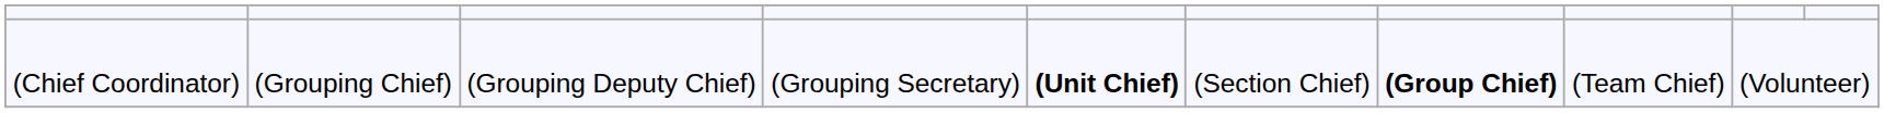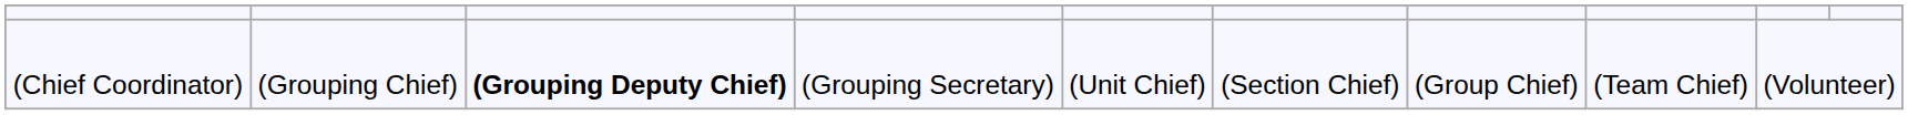 <table class="wikitable" style="text-align: center; background-color:#f7f8ff;">
 <tr align="center">
 <td></td>
 <td></td>
 <td></td>
 <td></td>
 <td></td>
 <td></td>
 <td></td>
 <td></td>
 <td></td>
 <td></td>
 </tr>
 <tr align="center">
 <td><br><small>(Chief Coordinator)</small></td>
 <td><br><small>(Grouping Chief)</small></td>
-<td><br><small>(Grouping Deputy Chief)</small></td>
+<td><strong><br><small>(Grouping Deputy Chief)</small></strong></td>
 <td><br><small>(Grouping Secretary)</small></td>
-<td><strong><br><small>(Unit Chief)</small></strong></td>
+<td><br><small>(Unit Chief)</small></td>
 <td><br><small>(Section Chief)</small></td>
-<td><strong><br><small>(Group Chief)</small></strong></td>
+<td><br><small>(Group Chief)</small></td>
 <td><br><small>(Team Chief)</small></td>
 <td colspan="2"><br><small>(Volunteer)</small></td>
 </tr>
 </table>
